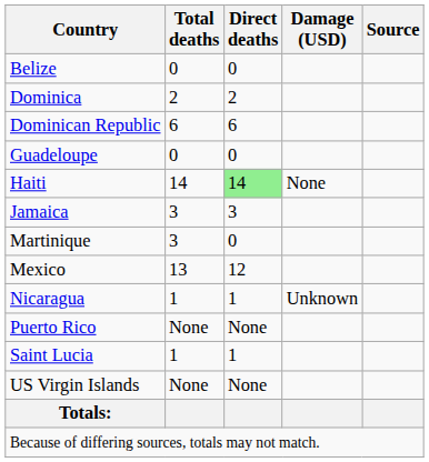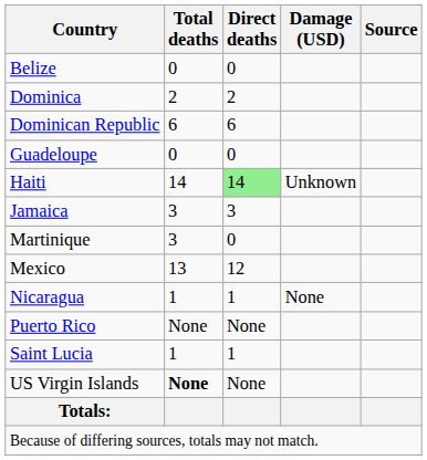 <table class="wikitable sortable" style="float:right; margin:0 0 0.5em 1em; float:right;">
 <tr style="text-align:center;">
 <th><strong>Country</strong></th>
 <th>Total<br>deaths</th>
 <th>Direct<br>deaths</th>
 <th>Damage<br>(USD)</th>
 <th class="unsortable">Source</th>
 </tr>
 <tr>
 <td><a href='#'>Belize</a></td>
 <td>0</td>
 <td>0</td>
 <td></td>
 <td></td>
 </tr>
 <tr>
 <td><a href='#'>Dominica</a></td>
 <td>2</td>
 <td>2</td>
 <td></td>
 <td></td>
 </tr>
 <tr>
 <td><a href='#'>Dominican Republic</a></td>
 <td>6</td>
 <td>6</td>
 <td></td>
 <td></td>
 </tr>
 <tr>
 <td><a href='#'>Guadeloupe</a></td>
 <td>0</td>
 <td>0</td>
 <td></td>
 <td></td>
 </tr>
 <tr>
 <td><a href='#'>Haiti</a></td>
 <td>14</td>
 <td style="background: lightgreen;">14</td>
-<td>None</td>
+<td>Unknown</td>
 <td></td>
 </tr>
 <tr>
 <td><a href='#'>Jamaica</a></td>
 <td>3</td>
 <td>3</td>
 <td></td>
 <td></td>
 </tr>
 <tr>
 <td>Martinique</td>
 <td>3</td>
 <td>0</td>
 <td></td>
 <td></td>
 </tr>
 <tr>
 <td>Mexico</td>
 <td>13</td>
 <td>12</td>
 <td></td>
 <td></td>
 </tr>
 <tr>
 <td><a href='#'>Nicaragua</a></td>
 <td>1</td>
 <td>1</td>
-<td>Unknown</td>
+<td>None</td>
 <td></td>
 </tr>
 <tr>
 <td><a href='#'>Puerto Rico</a></td>
 <td>None</td>
 <td>None</td>
 <td></td>
 <td></td>
 </tr>
 <tr>
 <td><a href='#'>Saint Lucia</a></td>
 <td>1</td>
 <td>1</td>
 <td></td>
 <td></td>
 </tr>
 <tr>
 <td>US Virgin Islands</td>
-<td>None</td>
+<td><strong>None</strong></td>
 <td>None</td>
 <td></td>
 <td></td>
 </tr>
 <tr class="unsortable">
 <th>Totals:</th>
 <th></th>
 <th></th>
 <th></th>
 <th></th>
 </tr>
 <tr class="unsortable">
 <td colspan = 9><small>Because of differing sources, totals may not match.</small></td>
 </tr>
 </table>
